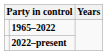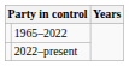 <table class="wikitable">
 <tr>
 <th colspan=2>Party in control</th>
 <th>Years</th>
 </tr>
 <tr>
 <td></td>
-<td><strong>1965–2022</strong></td>
+<td>1965–2022</td>
 </tr>
 <tr>
 <td></td>
-<td><strong>2022–present</strong></td>
+<td>2022–present</td>
 </tr>
 </table>
